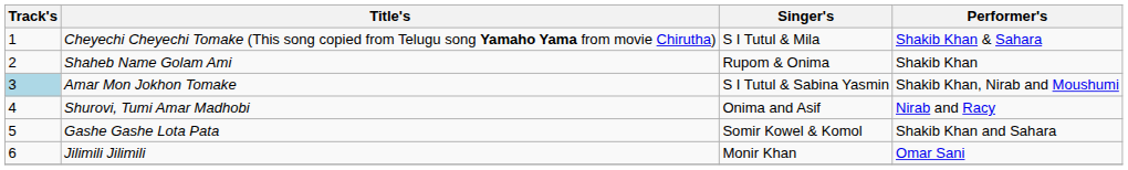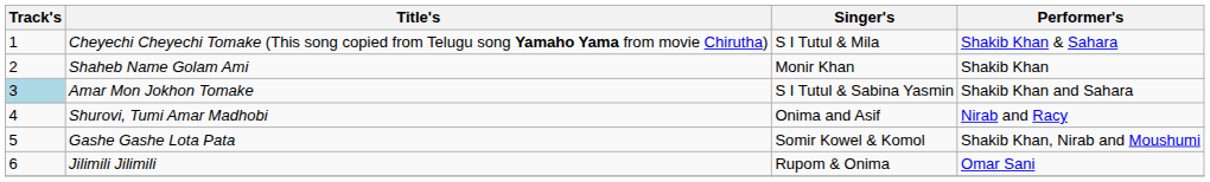 <table class="wikitable" style="font-size:95%;">
 <tr>
 <th>Track's</th>
 <th>Title's</th>
 <th>Singer's</th>
 <th>Performer's</th>
 </tr>
 <tr>
 <td>1</td>
 <td><em>Cheyechi Cheyechi Tomake</em>  (This song copied from Telugu song <strong>Yamaho Yama</strong> from movie <a href='#'>Chirutha</a>)</td>
 <td>S I Tutul & Mila</td>
 <td><a href='#'>Shakib Khan</a> & <a href='#'>Sahara</a></td>
 </tr>
 <tr>
 <td>2</td>
 <td><em>Shaheb Name Golam Ami</em></td>
-<td>Rupom & Onima</td>
+<td>Monir Khan</td>
 <td>Shakib Khan</td>
 </tr>
 <tr>
 <td style="background: lightblue;">3</td>
 <td><em>Amar Mon Jokhon Tomake</em></td>
 <td>S I Tutul &   Sabina Yasmin</td>
-<td>Shakib Khan, Nirab and <a href='#'>Moushumi</a></td>
+<td>Shakib Khan and Sahara</td>
 </tr>
 <tr>
 <td>4</td>
 <td><em>Shurovi, Tumi Amar Madhobi</em></td>
 <td>Onima and Asif</td>
 <td><a href='#'>Nirab</a> and <a href='#'>Racy</a></td>
 </tr>
 <tr>
 <td>5</td>
 <td><em>Gashe Gashe Lota Pata</em></td>
 <td>Somir Kowel & Komol</td>
-<td>Shakib Khan and Sahara</td>
+<td>Shakib Khan, Nirab and <a href='#'>Moushumi</a></td>
 </tr>
 <tr>
 <td>6</td>
 <td><em>Jilimili Jilimili</em></td>
-<td>Monir Khan</td>
+<td>Rupom & Onima</td>
 <td><a href='#'>Omar Sani</a></td>
 </tr>
 <tr>
 </tr>
 </table>
